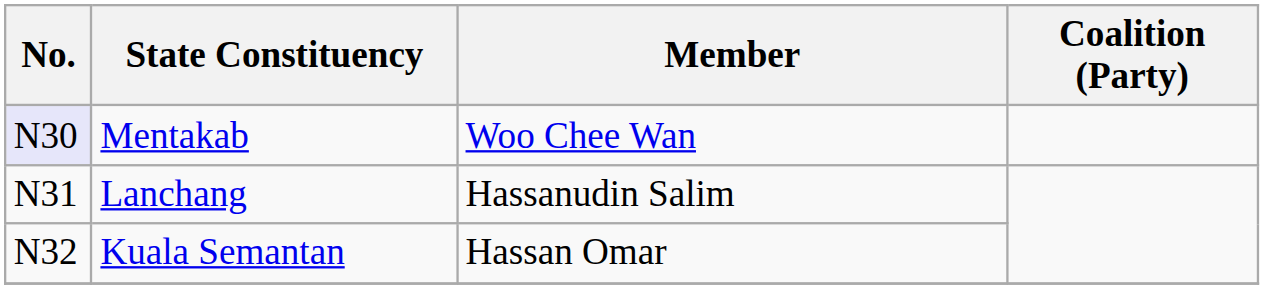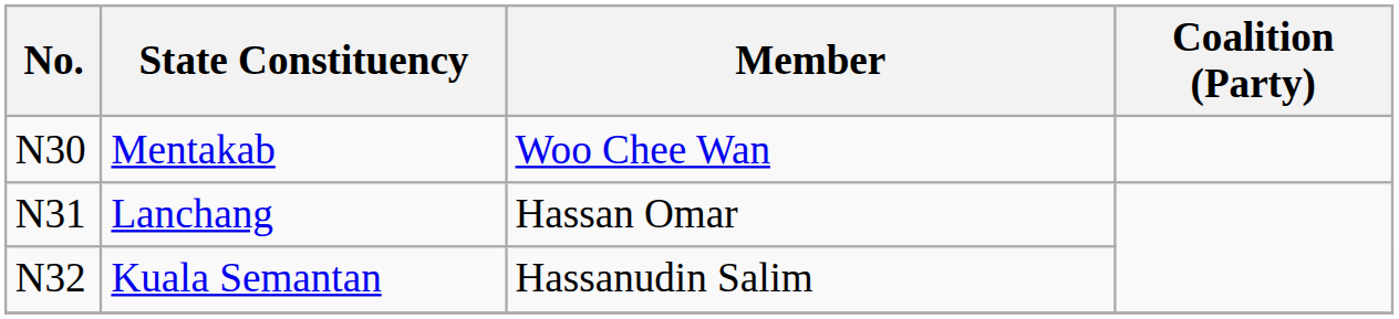 <table class="wikitable">
 <tr>
 <th width="30">No.</th>
 <th width="150">State Constituency</th>
 <th width="230">Member</th>
 <th width="100">Coalition (Party)</th>
 </tr>
 <tr>
-<td style="background: lavender;">N30</td>
+<td>N30</td>
 <td><a href='#'>Mentakab</a></td>
 <td><a href='#'>Woo Chee Wan</a></td>
 <td></td>
 </tr>
 <tr>
 <td>N31</td>
 <td><a href='#'>Lanchang</a></td>
-<td>Hassanudin Salim</td>
+<td>Hassan Omar</td>
 <td rowspan=2></td>
 </tr>
 <tr>
 <td>N32</td>
 <td><a href='#'>Kuala Semantan</a></td>
-<td>Hassan Omar</td>
+<td>Hassanudin Salim</td>
 </tr>
 <tr>
 </tr>
 </table>
